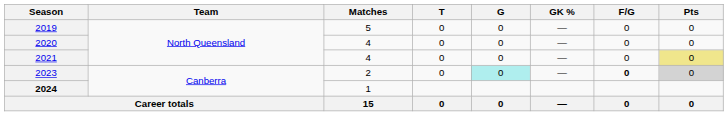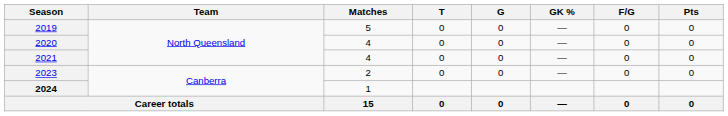 <table class="wikitable sortable"  style="font-size:90%; text-align:center; width:85%;">
 <tr>
 <th width=2%>Season</th>
 <th width=8%>Team</th>
 <th width=2%>Matches</th>
 <th width=2%>T</th>
 <th width=2%>G</th>
 <th width=2%>GK %</th>
 <th width=2%>F/G</th>
 <th width=2%>Pts</th>
 </tr>
 <tr>
 <th scope="row" style="text-align:center; font-weight:normal"><a href='#'>2019</a></th>
 <td rowspan="3" style="text-align:center;"> <a href='#'>North Queensland</a></td>
 <td>5</td>
 <td>0</td>
 <td>0</td>
 <td>—</td>
 <td>0</td>
 <td>0</td>
 </tr>
 <tr>
 <th scope="row" style="text-align:center; font-weight:normal"><a href='#'>2020</a></th>
 <td>4</td>
 <td>0</td>
 <td>0</td>
 <td>—</td>
 <td>0</td>
 <td>0</td>
 </tr>
 <tr>
 <th scope="row" style="text-align:center; font-weight:normal"><a href='#'>2021</a></th>
 <td>4</td>
 <td>0</td>
 <td>0</td>
 <td>—</td>
 <td>0</td>
-<td style="background: khaki;">0</td>
+<td>0</td>
 </tr>
 <tr>
 <th scope="row" style="text-align:center; font-weight:normal"><a href='#'>2023</a></th>
 <td rowspan="2" style="text-align:center;"> <a href='#'>Canberra</a></td>
 <td>2</td>
 <td>0</td>
-<td style="background: paleturquoise;">0</td>
+<td>0</td>
 <td>—</td>
-<td><strong>0</strong></td>
-<td style="background: lightgrey;">0</td>
+<td>0</td>
+<td>0</td>
 </tr>
 <tr>
 <th>2024</th>
 <td>1</td>
 <td></td>
 <td></td>
 <td></td>
 <td></td>
 <td></td>
 </tr>
 <tr class="sortbottom">
 <th colspan="2">Career totals</th>
 <th>15</th>
 <th>0</th>
 <th>0</th>
 <th>—</th>
 <th>0</th>
 <th>0</th>
 </tr>
 </table>
